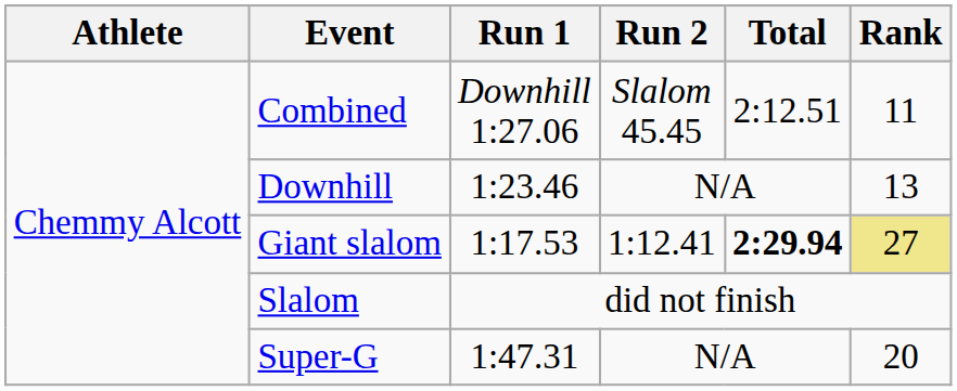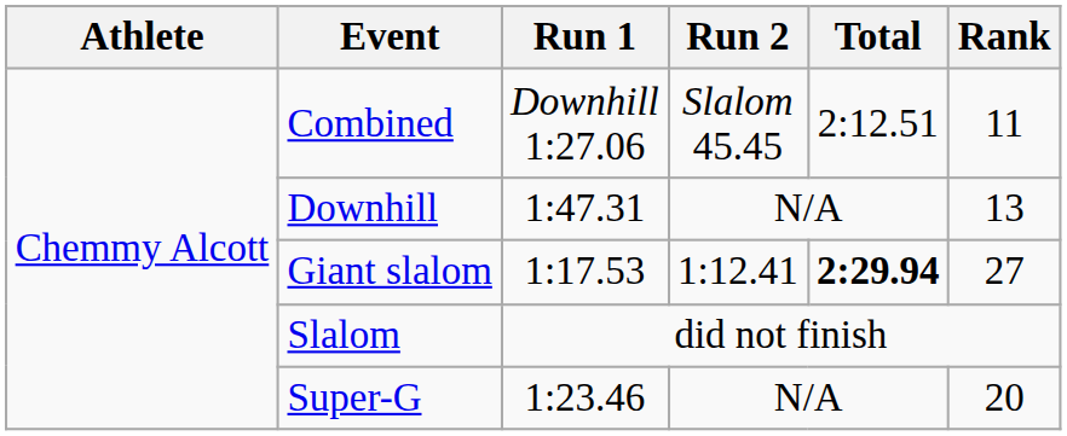 <table class="wikitable" border="1" style="font-size:100%">
 <tr>
 <th>Athlete</th>
 <th>Event</th>
 <th>Run 1</th>
 <th>Run 2</th>
 <th>Total</th>
 <th>Rank</th>
 </tr>
 <tr>
 <td align=center rowspan=5><a href='#'>Chemmy Alcott</a></td>
 <td rowspan=1><a href='#'>Combined</a></td>
 <td align=center><em>Downhill</em><br>1:27.06</td>
 <td align=center><em>Slalom</em><br>45.45</td>
 <td align=center>2:12.51</td>
 <td align=center>11</td>
 </tr>
 <tr>
 <td><a href='#'>Downhill</a></td>
-<td align=center>1:23.46</td>
+<td align=center>1:47.31</td>
 <td colspan=2 align=center>N/A</td>
 <td align=center>13</td>
 </tr>
 <tr>
 <td><a href='#'>Giant slalom</a></td>
 <td align=center>1:17.53</td>
 <td align=center>1:12.41</td>
 <td align=center><strong>2:29.94</strong></td>
-<td align=center style="background: khaki;">27</td>
+<td align=center>27</td>
 </tr>
 <tr>
 <td><a href='#'>Slalom</a></td>
 <td align=center colspan=4>did not finish</td>
 </tr>
 <tr>
 <td><a href='#'>Super-G</a></td>
-<td align=center>1:47.31</td>
+<td align=center>1:23.46</td>
 <td colspan=2 align=center>N/A</td>
 <td align=center>20</td>
 </tr>
 </table>
